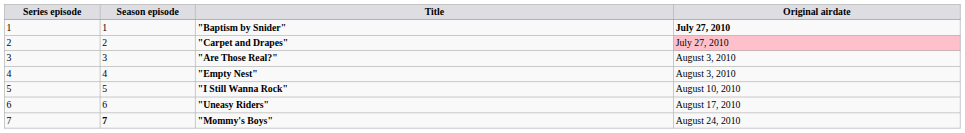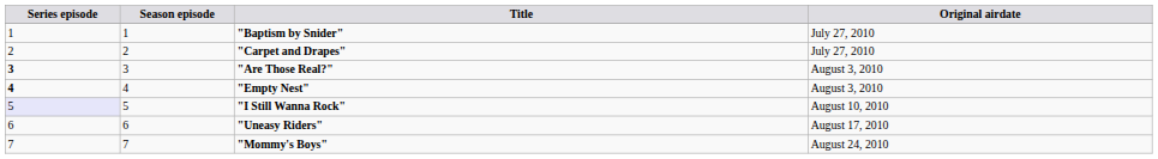 <table class="wikitable">
 <tr>
 <th style="background-color: #DEDDE2" width=5%>Series episode</th>
 <th style="background-color: #DEDDE2" width=5%>Season episode</th>
 <th style="background-color: #DEDDE2" width=25%>Title</th>
 <th style="background-color: #DEDDE2" width=15%>Original airdate</th>
 </tr>
 <tr style="background-color: #F2F2F2;" |>
 </tr>
 <tr style="background-color: #F2F2F2;" |>
 </tr>
 <tr>
 <td>1</td>
 <td>1</td>
 <td><strong>"Baptism by Snider"</strong></td>
-<td><strong>July 27, 2010</strong></td>
+<td>July 27, 2010</td>
 </tr>
 <tr>
 <td>2</td>
 <td>2</td>
 <td><strong>"Carpet and Drapes"</strong></td>
-<td style="background: pink;">July 27, 2010</td>
+<td>July 27, 2010</td>
 </tr>
 <tr>
-<td>3</td>
+<td><strong>3</strong></td>
 <td>3</td>
 <td><strong>"Are Those Real?"</strong></td>
 <td>August 3, 2010</td>
 </tr>
 <tr>
-<td>4</td>
+<td><strong>4</strong></td>
 <td>4</td>
 <td><strong>"Empty Nest"</strong></td>
 <td>August 3, 2010</td>
 </tr>
 <tr>
-<td>5</td>
+<td style="background: lavender;">5</td>
 <td>5</td>
 <td><strong>"I Still Wanna Rock"</strong></td>
 <td>August 10, 2010</td>
 </tr>
 <tr>
 <td>6</td>
 <td>6</td>
 <td><strong>"Uneasy Riders"</strong></td>
 <td>August 17, 2010</td>
 </tr>
 <tr>
 <td>7</td>
-<td><strong>7</strong></td>
+<td>7</td>
 <td><strong>"Mommy's Boys"</strong></td>
 <td>August 24, 2010</td>
 </tr>
 </table>
